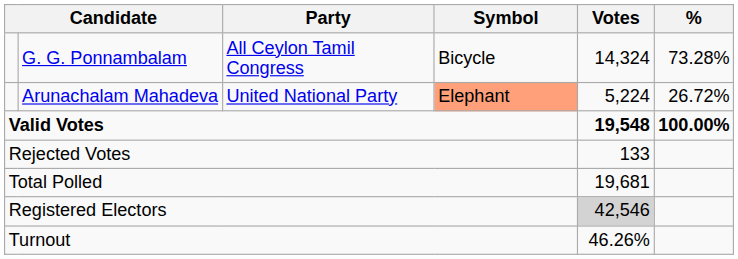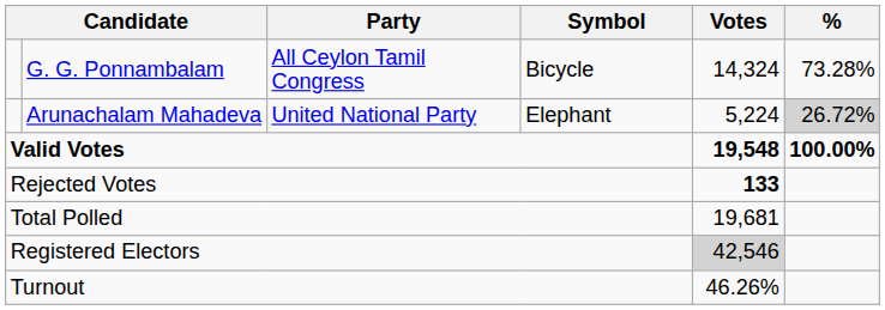 <table class="wikitable" border="1" style="text-align:right;">
 <tr>
 <th align=left colspan=2 width="180">Candidate</th>
 <th align=left width="180">Party</th>
 <th align=left width="120">Symbol</th>
 <th align=left width="60">Votes</th>
 <th align=left width="60">%</th>
 </tr>
 <tr>
 <td bgcolor=> </td>
 <td align=left><a href='#'>G. G. Ponnambalam</a></td>
 <td align=left><a href='#'>All Ceylon Tamil Congress</a></td>
 <td align=left>Bicycle</td>
 <td>14,324</td>
 <td>73.28%</td>
 </tr>
 <tr>
 <td bgcolor=> </td>
 <td align=left><a href='#'>Arunachalam Mahadeva</a></td>
 <td align=left><a href='#'>United National Party</a></td>
-<td align=left style="background: lightsalmon;">Elephant</td>
+<td align=left>Elephant</td>
 <td>5,224</td>
-<td>26.72%</td>
+<td style="background: lightgrey;">26.72%</td>
 </tr>
 <tr>
 <td align=left colspan=4><strong>Valid Votes</strong></td>
 <td><strong>19,548</strong></td>
 <td><strong>100.00%</strong></td>
 </tr>
 <tr>
 <td align=left colspan=4>Rejected Votes</td>
-<td>133</td>
+<td><strong>133</strong></td>
 <td></td>
 </tr>
 <tr>
 <td align=left colspan=4>Total Polled</td>
 <td>19,681</td>
 <td></td>
 </tr>
 <tr>
 <td align=left colspan=4>Registered Electors</td>
 <td style="background: lightgrey;">42,546</td>
 <td></td>
 </tr>
 <tr>
 <td align=left colspan=4>Turnout</td>
 <td>46.26%</td>
 </tr>
 </table>
